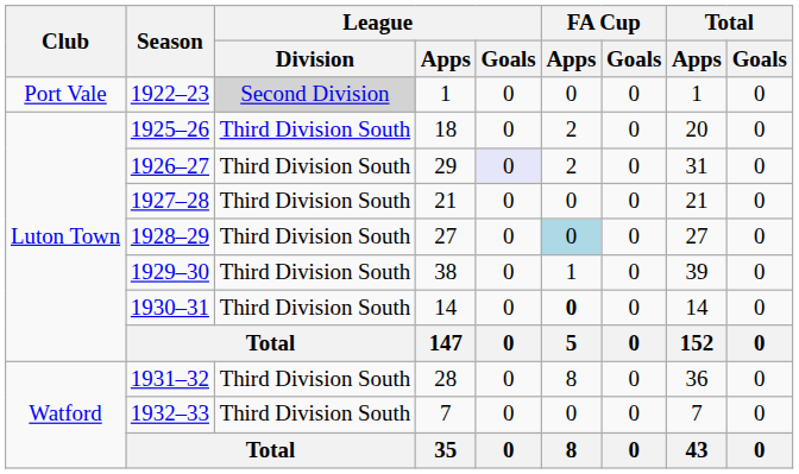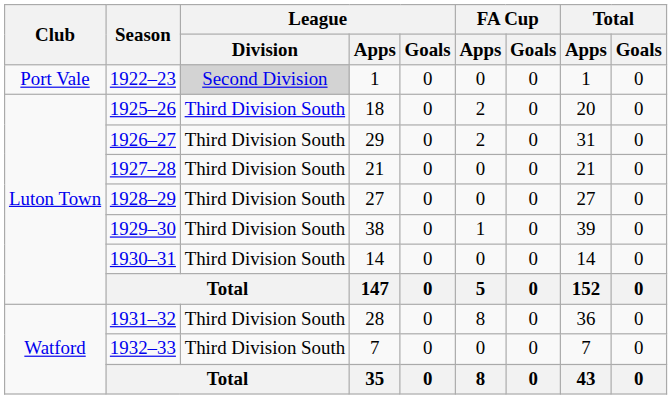 <table class="wikitable" style="text-align: center;">
 <tr>
 <th rowspan="2">Club</th>
 <th rowspan="2">Season</th>
 <th colspan="3">League</th>
 <th colspan="2">FA Cup</th>
 <th colspan="2">Total</th>
 </tr>
 <tr>
 <th>Division</th>
 <th>Apps</th>
 <th>Goals</th>
 <th>Apps</th>
 <th>Goals</th>
 <th>Apps</th>
 <th>Goals</th>
 </tr>
 <tr>
 <td><a href='#'>Port Vale</a></td>
 <td><a href='#'>1922–23</a></td>
 <td style="background: lightgrey;"><a href='#'>Second Division</a></td>
 <td>1</td>
 <td>0</td>
 <td>0</td>
 <td>0</td>
 <td>1</td>
 <td>0</td>
 </tr>
 <tr>
 <td rowspan="7"><a href='#'>Luton Town</a></td>
 <td><a href='#'>1925–26</a></td>
 <td><a href='#'>Third Division South</a></td>
 <td>18</td>
 <td>0</td>
 <td>2</td>
 <td>0</td>
 <td>20</td>
 <td>0</td>
 </tr>
 <tr>
 <td><a href='#'>1926–27</a></td>
 <td>Third Division South</td>
 <td>29</td>
-<td style="background: lavender;">0</td>
+<td>0</td>
 <td>2</td>
 <td>0</td>
 <td>31</td>
 <td>0</td>
 </tr>
 <tr>
 <td><a href='#'>1927–28</a></td>
 <td>Third Division South</td>
 <td>21</td>
 <td>0</td>
 <td>0</td>
 <td>0</td>
 <td>21</td>
 <td>0</td>
 </tr>
 <tr>
 <td><a href='#'>1928–29</a></td>
 <td>Third Division South</td>
 <td>27</td>
 <td>0</td>
-<td style="background: lightblue;">0</td>
+<td>0</td>
 <td>0</td>
 <td>27</td>
 <td>0</td>
 </tr>
 <tr>
 <td><a href='#'>1929–30</a></td>
 <td>Third Division South</td>
 <td>38</td>
 <td>0</td>
 <td>1</td>
 <td>0</td>
 <td>39</td>
 <td>0</td>
 </tr>
 <tr>
 <td><a href='#'>1930–31</a></td>
 <td>Third Division South</td>
 <td>14</td>
 <td>0</td>
-<td><strong>0</strong></td>
+<td>0</td>
 <td>0</td>
 <td>14</td>
 <td>0</td>
 </tr>
 <tr>
 <th colspan="2">Total</th>
 <th>147</th>
 <th>0</th>
 <th>5</th>
 <th>0</th>
 <th>152</th>
 <th>0</th>
 </tr>
 <tr>
 <td rowspan="3"><a href='#'>Watford</a></td>
 <td><a href='#'>1931–32</a></td>
 <td>Third Division South</td>
 <td>28</td>
 <td>0</td>
 <td>8</td>
 <td>0</td>
 <td>36</td>
 <td>0</td>
 </tr>
 <tr>
 <td><a href='#'>1932–33</a></td>
 <td>Third Division South</td>
 <td>7</td>
 <td>0</td>
 <td>0</td>
 <td>0</td>
 <td>7</td>
 <td>0</td>
 </tr>
 <tr>
 <th colspan="2">Total</th>
 <th>35</th>
 <th>0</th>
 <th>8</th>
 <th>0</th>
 <th>43</th>
 <th>0</th>
 </tr>
 </table>
